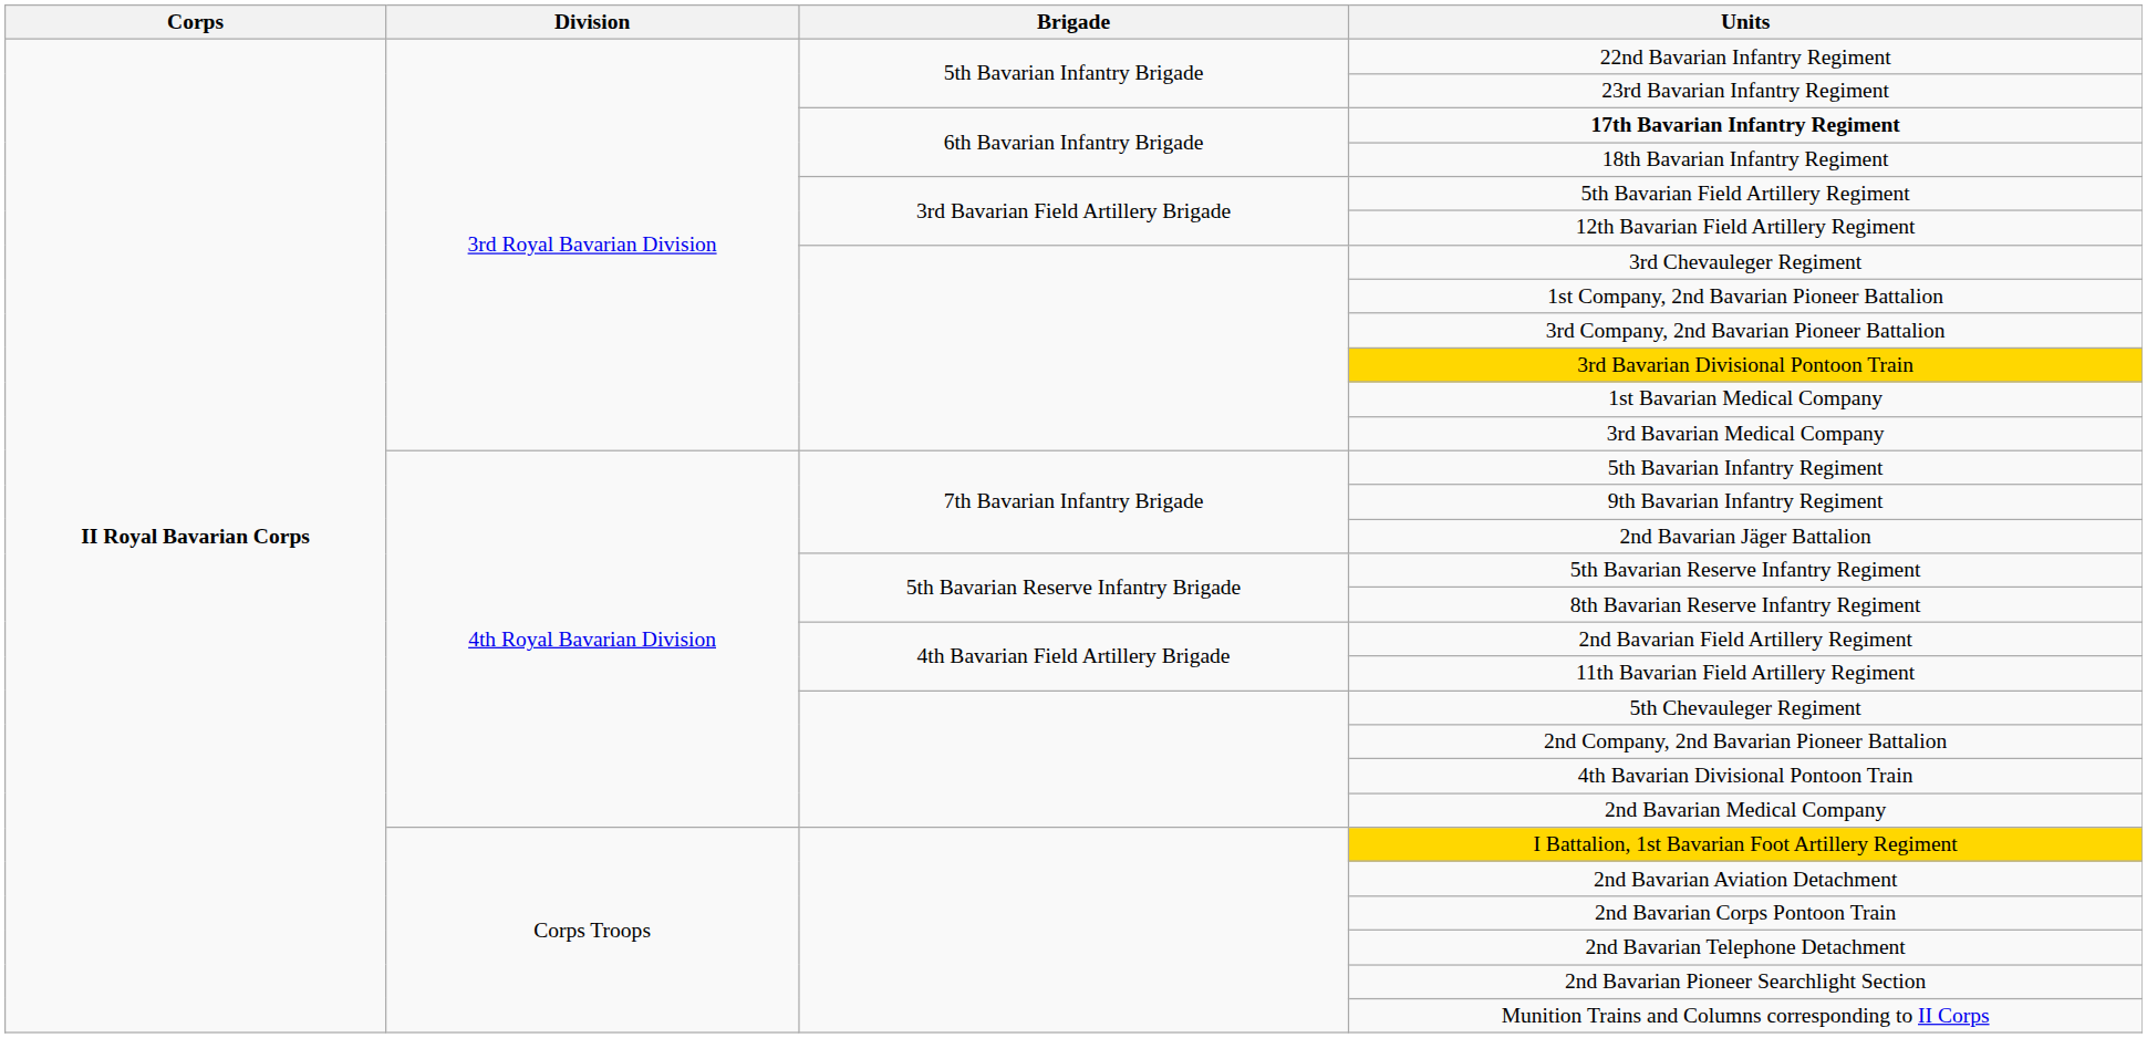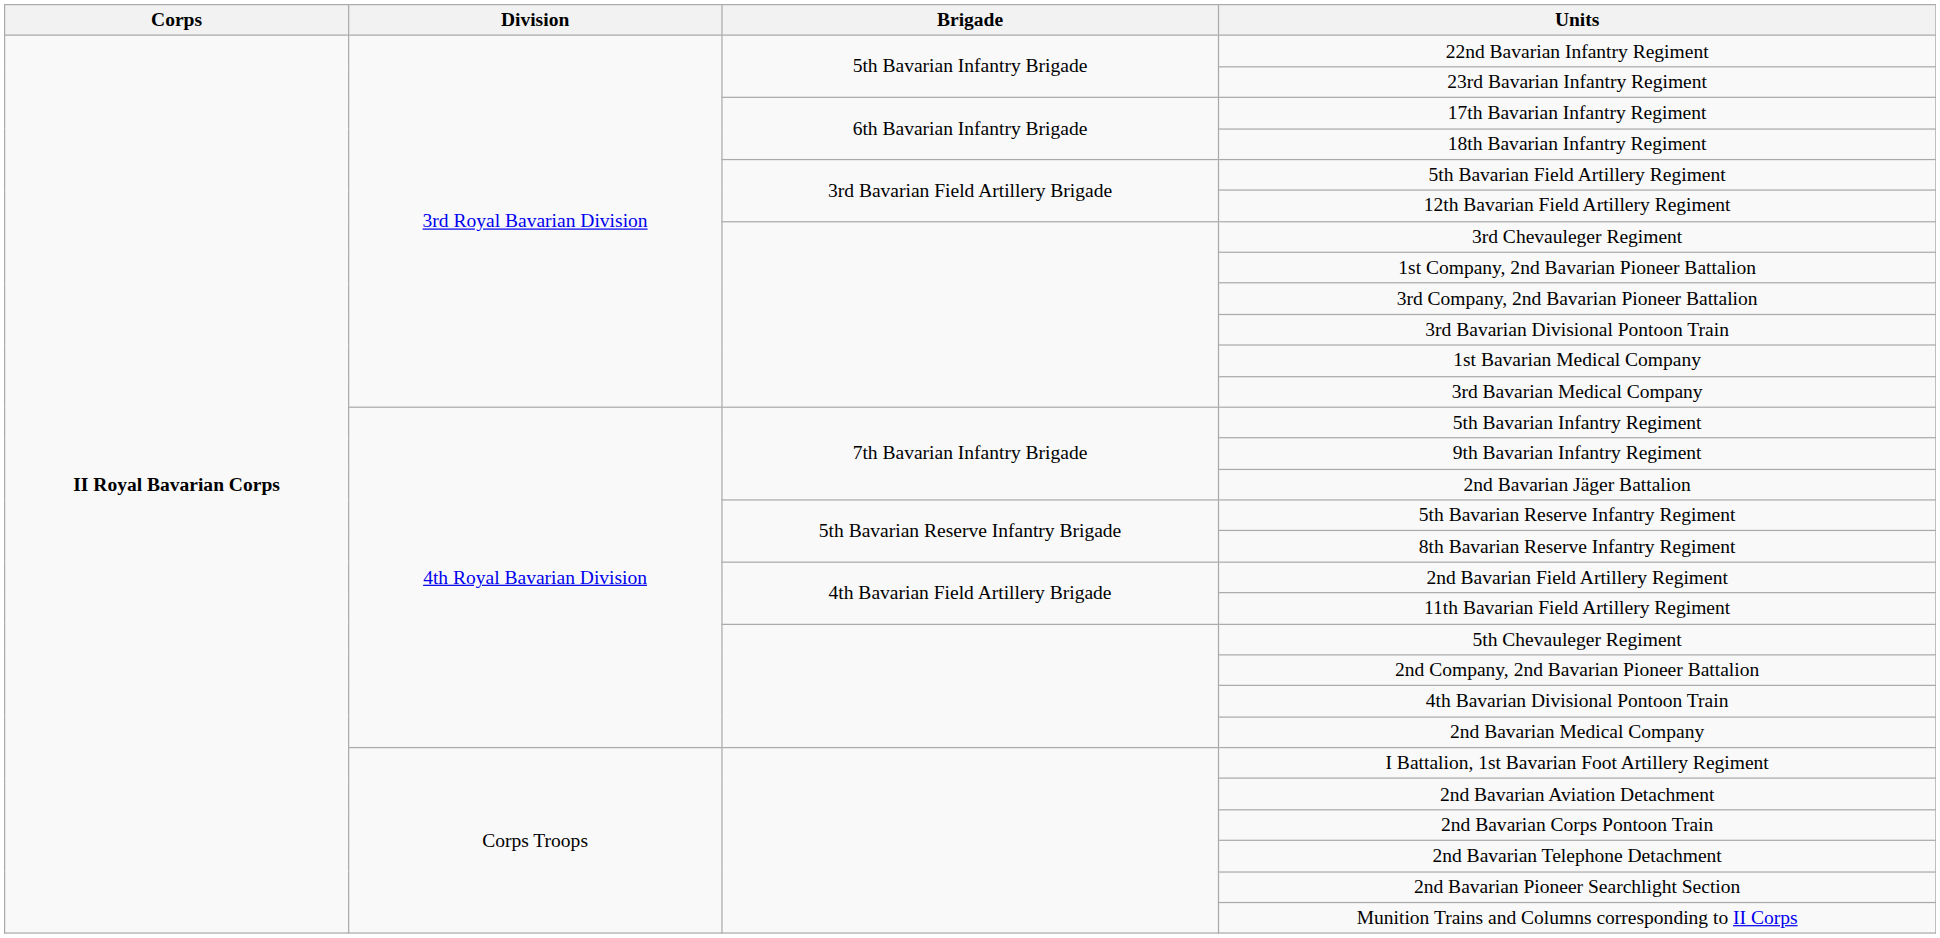 <table class="wikitable collapsible collapsed" style="text-align:center; width:100%;">
 <tr>
 <th>Corps</th>
 <th>Division</th>
 <th>Brigade</th>
 <th>Units</th>
 </tr>
 <tr>
 <td ROWSPAN=29><strong>II Royal Bavarian Corps</strong></td>
 <td ROWSPAN=12><a href='#'>3rd Royal Bavarian Division</a></td>
 <td ROWSPAN=2>5th Bavarian Infantry Brigade</td>
 <td>22nd Bavarian Infantry Regiment</td>
 </tr>
 <tr>
 <td>23rd Bavarian Infantry Regiment</td>
 </tr>
 <tr>
 <td ROWSPAN=2>6th Bavarian Infantry Brigade</td>
-<td><strong>17th Bavarian Infantry Regiment</strong></td>
+<td>17th Bavarian Infantry Regiment</td>
 </tr>
 <tr>
 <td>18th Bavarian Infantry Regiment</td>
 </tr>
 <tr>
 <td ROWSPAN=2>3rd Bavarian Field Artillery Brigade</td>
 <td>5th Bavarian Field Artillery Regiment</td>
 </tr>
 <tr>
 <td>12th Bavarian Field Artillery Regiment</td>
 </tr>
 <tr>
 <td ROWSPAN=6></td>
 <td>3rd Chevauleger Regiment</td>
 </tr>
 <tr>
 <td>1st Company, 2nd Bavarian Pioneer Battalion</td>
 </tr>
 <tr>
 <td>3rd Company, 2nd Bavarian Pioneer Battalion</td>
 </tr>
 <tr>
-<td style="background: gold;">3rd Bavarian Divisional Pontoon Train</td>
+<td>3rd Bavarian Divisional Pontoon Train</td>
 </tr>
 <tr>
 <td>1st Bavarian Medical Company</td>
 </tr>
 <tr>
 <td>3rd Bavarian Medical Company</td>
 </tr>
 <tr>
 <td ROWSPAN=11><a href='#'>4th Royal Bavarian Division</a></td>
 <td ROWSPAN=3>7th Bavarian Infantry Brigade</td>
 <td>5th Bavarian Infantry Regiment</td>
 </tr>
 <tr>
 <td>9th Bavarian Infantry Regiment</td>
 </tr>
 <tr>
 <td>2nd Bavarian Jäger Battalion</td>
 </tr>
 <tr>
 <td ROWSPAN=2>5th Bavarian Reserve Infantry Brigade</td>
 <td>5th Bavarian Reserve Infantry Regiment</td>
 </tr>
 <tr>
 <td>8th Bavarian Reserve Infantry Regiment</td>
 </tr>
 <tr>
 <td ROWSPAN=2>4th Bavarian Field Artillery Brigade</td>
 <td>2nd Bavarian Field Artillery Regiment</td>
 </tr>
 <tr>
 <td>11th Bavarian Field Artillery Regiment</td>
 </tr>
 <tr>
 <td ROWSPAN=4></td>
 <td>5th Chevauleger Regiment</td>
 </tr>
 <tr>
 <td>2nd Company, 2nd Bavarian Pioneer Battalion</td>
 </tr>
 <tr>
 <td>4th Bavarian Divisional Pontoon Train</td>
 </tr>
 <tr>
 <td>2nd Bavarian Medical Company</td>
 </tr>
 <tr>
 <td ROWSPAN=6>Corps Troops</td>
 <td ROWSPAN=6></td>
-<td style="background: gold;">I Battalion, 1st Bavarian Foot Artillery Regiment</td>
+<td>I Battalion, 1st Bavarian Foot Artillery Regiment</td>
 </tr>
 <tr>
 <td>2nd Bavarian Aviation Detachment</td>
 </tr>
 <tr>
 <td>2nd Bavarian Corps Pontoon Train</td>
 </tr>
 <tr>
 <td>2nd Bavarian Telephone Detachment</td>
 </tr>
 <tr>
 <td>2nd Bavarian Pioneer Searchlight Section</td>
 </tr>
 <tr>
 <td>Munition Trains and Columns corresponding to <a href='#'>II Corps</a></td>
 </tr>
 </table>
